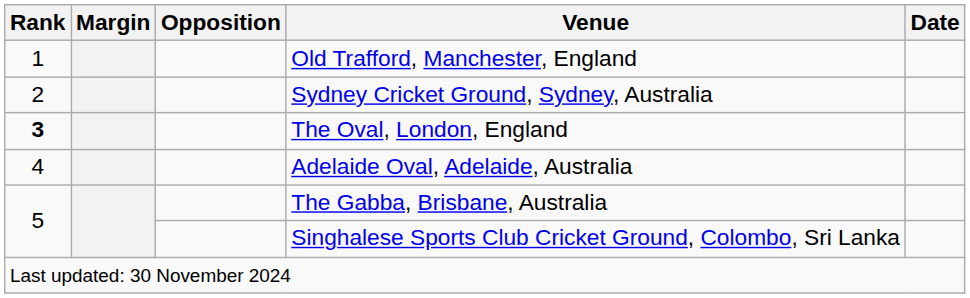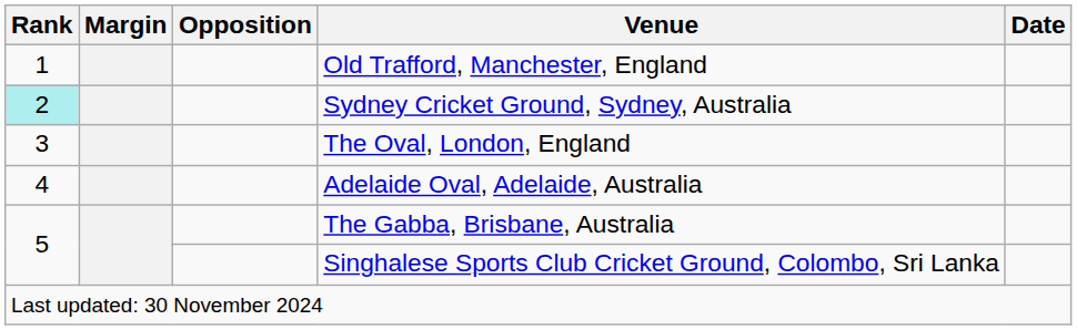 <table class="wikitable plainrowheaders sortable">
 <tr>
 <th scope=col>Rank</th>
 <th scope=col>Margin</th>
 <th scope=col>Opposition</th>
 <th scope=col>Venue</th>
 <th scope=col>Date</th>
 </tr>
 <tr>
 <td align=center>1</td>
 <th scope=row style=text-align:center;></th>
 <td></td>
 <td><a href='#'>Old Trafford</a>, <a href='#'>Manchester</a>, England</td>
 <td><a href='#'></a></td>
 </tr>
 <tr>
-<td align=center>2</td>
+<td align=center style="background: paleturquoise;">2</td>
 <th scope=row style=text-align:center;></th>
 <td></td>
 <td><a href='#'>Sydney Cricket Ground</a>, <a href='#'>Sydney</a>, Australia</td>
 <td><a href='#'></a></td>
 </tr>
 <tr>
-<td align=center><strong>3</strong></td>
+<td align=center>3</td>
 <th scope=row style=text-align:center;></th>
 <td></td>
 <td><a href='#'>The Oval</a>, <a href='#'>London</a>, England</td>
 <td><a href='#'></a></td>
 </tr>
 <tr>
 <td align=center>4</td>
 <th scope=row style=text-align:center;></th>
 <td></td>
 <td><a href='#'>Adelaide Oval</a>, <a href='#'>Adelaide</a>, Australia</td>
 <td><a href='#'></a></td>
 </tr>
 <tr>
 <td align=center rowspan=2>5</td>
 <th scope=row style=text-align:center; rowspan=2></th>
 <td></td>
 <td><a href='#'>The Gabba</a>, <a href='#'>Brisbane</a>, Australia</td>
 <td><a href='#'></a></td>
 </tr>
 <tr>
 <td></td>
 <td><a href='#'>Singhalese Sports Club Cricket Ground</a>, <a href='#'>Colombo</a>, Sri Lanka</td>
 <td><a href='#'></a></td>
 </tr>
 <tr class=sortbottom>
 <td colspan=5><small>Last updated: 30 November 2024</small></td>
 </tr>
 </table>
